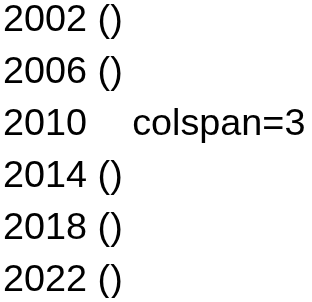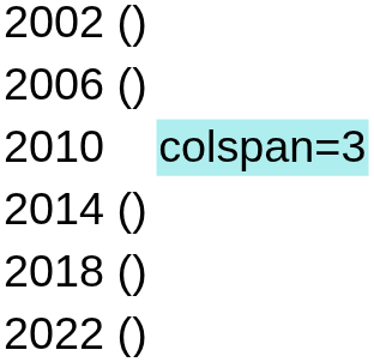 <table>
 <tr>
 <td>2002 ()</td>
 <td></td>
 <td></td>
 <td></td>
 </tr>
 <tr>
 <td>2006 ()</td>
 <td></td>
 <td></td>
 <td></td>
 </tr>
 <tr>
 <td>2010</td>
-<td>colspan=3 <em></em></td>
+<td style="background: paleturquoise;">colspan=3 <em></em></td>
 </tr>
 <tr>
 <td>2014 ()</td>
 <td></td>
 <td></td>
 <td></td>
 </tr>
 <tr>
 <td>2018 ()</td>
 <td></td>
 <td></td>
 <td></td>
 </tr>
 <tr>
 <td>2022 ()</td>
 <td></td>
 <td></td>
 <td></td>
 </tr>
 </table>
